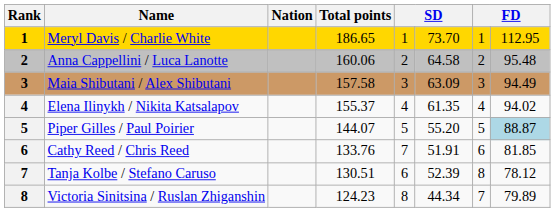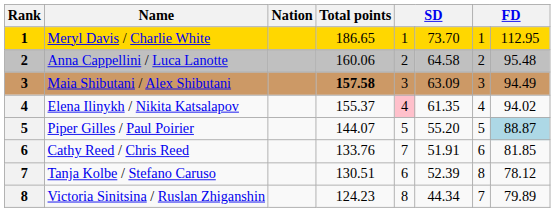 <table class="wikitable sortable">
 <tr>
 <th>Rank</th>
 <th>Name</th>
 <th>Nation</th>
 <th>Total points</th>
 <th colspan="2" width="80px"><a href='#'>SD</a></th>
 <th colspan="2" width="80px"><a href='#'>FD</a></th>
 </tr>
 <tr bgcolor="gold">
 <td align="center"><strong>1</strong></td>
 <td><a href='#'>Meryl Davis</a> / <a href='#'>Charlie White</a></td>
 <td></td>
 <td align="center">186.65</td>
 <td align="center">1</td>
 <td align="center">73.70</td>
 <td align="center">1</td>
 <td align="center">112.95</td>
 </tr>
 <tr bgcolor="silver">
 <td align="center"><strong>2</strong></td>
 <td><a href='#'>Anna Cappellini</a> / <a href='#'>Luca Lanotte</a></td>
 <td></td>
 <td align="center">160.06</td>
 <td align="center">2</td>
 <td align="center">64.58</td>
 <td align="center">2</td>
 <td align="center">95.48</td>
 </tr>
 <tr bgcolor="cc9966">
 <td align="center"><strong>3</strong></td>
 <td><a href='#'>Maia Shibutani</a> / <a href='#'>Alex Shibutani</a></td>
 <td></td>
-<td align="center">157.58</td>
+<td align="center"><strong>157.58</strong></td>
 <td align="center">3</td>
 <td align="center">63.09</td>
 <td align="center">3</td>
 <td align="center">94.49</td>
 </tr>
 <tr>
 <th>4</th>
 <td><a href='#'>Elena Ilinykh</a> / <a href='#'>Nikita Katsalapov</a></td>
 <td></td>
 <td align="center">155.37</td>
-<td align="center">4</td>
+<td align="center" style="background: pink;">4</td>
 <td align="center">61.35</td>
 <td align="center">4</td>
 <td align="center">94.02</td>
 </tr>
 <tr>
 <th>5</th>
 <td><a href='#'>Piper Gilles</a> / <a href='#'>Paul Poirier</a></td>
 <td></td>
 <td align="center">144.07</td>
 <td align="center">5</td>
 <td align="center">55.20</td>
 <td align="center">5</td>
 <td align="center" style="background: lightblue;">88.87</td>
 </tr>
 <tr>
 <th>6</th>
 <td><a href='#'>Cathy Reed</a> / <a href='#'>Chris Reed</a></td>
 <td></td>
 <td align="center">133.76</td>
 <td align="center">7</td>
 <td align="center">51.91</td>
 <td align="center">6</td>
 <td align="center">81.85</td>
 </tr>
 <tr>
 <th>7</th>
 <td><a href='#'>Tanja Kolbe</a> / <a href='#'>Stefano Caruso</a></td>
 <td></td>
 <td align="center">130.51</td>
 <td align="center">6</td>
 <td align="center">52.39</td>
 <td align="center">8</td>
 <td align="center">78.12</td>
 </tr>
 <tr>
 <th>8</th>
 <td><a href='#'>Victoria Sinitsina</a> / <a href='#'>Ruslan Zhiganshin</a></td>
 <td></td>
 <td align="center">124.23</td>
 <td align="center">8</td>
 <td align="center">44.34</td>
 <td align="center">7</td>
 <td align="center">79.89</td>
 </tr>
 </table>
